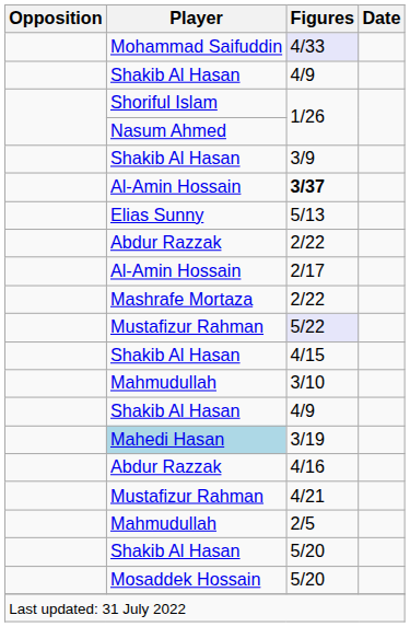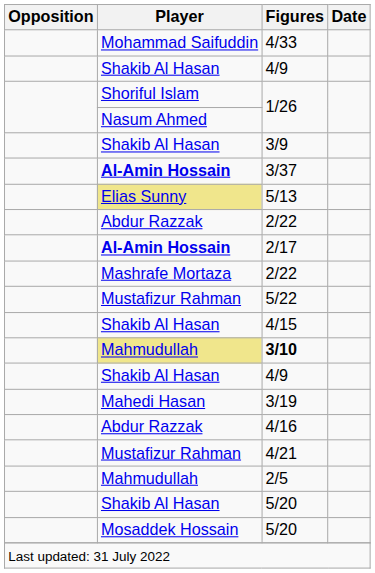 <table class="wikitable sortable">
 <tr>
 <th>Opposition</th>
 <th>Player</th>
 <th>Figures</th>
 <th>Date</th>
 </tr>
 <tr>
 <td></td>
 <td><a href='#'>Mohammad Saifuddin</a></td>
-<td style="background: lavender;">4/33</td>
+<td>4/33</td>
 <td></td>
 </tr>
 <tr>
 <td></td>
 <td><a href='#'>Shakib Al Hasan</a></td>
 <td>4/9</td>
 <td></td>
 </tr>
 <tr>
 <td rowspan=2></td>
 <td><a href='#'>Shoriful Islam</a></td>
 <td rowspan=2>1/26</td>
 <td rowspan=2> </td>
 </tr>
 <tr>
 <td><a href='#'>Nasum Ahmed</a></td>
 </tr>
 <tr>
 <td></td>
 <td><a href='#'>Shakib Al Hasan</a></td>
 <td>3/9</td>
 <td> </td>
 </tr>
 <tr>
 <td></td>
-<td><a href='#'>Al-Amin Hossain</a></td>
-<td><strong>3/37</strong></td>
+<td><strong><a href='#'>Al-Amin Hossain</a></strong></td>
+<td>3/37</td>
 <td></td>
 </tr>
 <tr>
 <td></td>
-<td><a href='#'>Elias Sunny</a></td>
+<td style="background: khaki;"><a href='#'>Elias Sunny</a></td>
 <td>5/13</td>
 <td></td>
 </tr>
 <tr>
 <td></td>
 <td><a href='#'>Abdur Razzak</a></td>
 <td>2/22</td>
 <td> </td>
 </tr>
 <tr>
 <td></td>
-<td><a href='#'>Al-Amin Hossain</a></td>
+<td><strong><a href='#'>Al-Amin Hossain</a></strong></td>
 <td>2/17</td>
 <td> </td>
 </tr>
 <tr>
 <td></td>
 <td><a href='#'>Mashrafe Mortaza</a></td>
 <td>2/22</td>
 <td></td>
 </tr>
 <tr>
 <td></td>
 <td><a href='#'>Mustafizur Rahman</a></td>
-<td style="background: lavender;">5/22</td>
+<td>5/22</td>
 <td> </td>
 </tr>
 <tr>
 <td></td>
 <td><a href='#'>Shakib Al Hasan</a></td>
 <td>4/15</td>
 <td> </td>
 </tr>
 <tr>
 <td></td>
-<td><a href='#'>Mahmudullah</a></td>
-<td>3/10</td>
+<td style="background: khaki;"><a href='#'>Mahmudullah</a></td>
+<td><strong>3/10</strong></td>
 <td> </td>
 </tr>
 <tr>
 <td></td>
 <td><a href='#'>Shakib Al Hasan</a></td>
 <td>4/9</td>
 <td> </td>
 </tr>
 <tr>
 <td></td>
-<td style="background: lightblue;"><a href='#'>Mahedi Hasan</a></td>
+<td><a href='#'>Mahedi Hasan</a></td>
 <td>3/19</td>
 <td> </td>
 </tr>
 <tr>
 <td></td>
 <td><a href='#'>Abdur Razzak</a></td>
 <td>4/16</td>
 <td></td>
 </tr>
 <tr>
 <td></td>
 <td><a href='#'>Mustafizur Rahman</a></td>
 <td>4/21</td>
 <td></td>
 </tr>
 <tr>
 <td></td>
 <td><a href='#'>Mahmudullah</a></td>
 <td>2/5</td>
 <td></td>
 </tr>
 <tr>
 <td></td>
 <td><a href='#'>Shakib Al Hasan</a></td>
 <td>5/20</td>
 <td></td>
 </tr>
 <tr>
 <td></td>
 <td><a href='#'>Mosaddek Hossain</a></td>
 <td>5/20</td>
 <td></td>
 </tr>
 <tr>
 </tr>
 <tr class=sortbottom>
 <td colspan=5><small>Last updated: 31 July 2022</small></td>
 </tr>
 </table>
